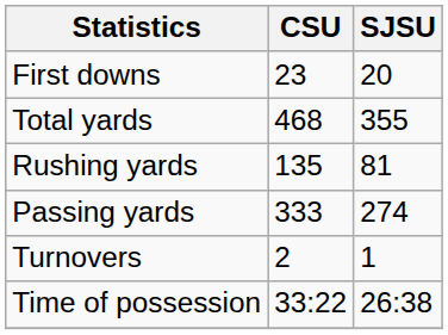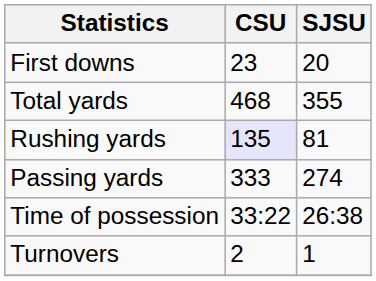 <table class="wikitable">
 <tr>
 <th>Statistics</th>
 <th>CSU</th>
 <th>SJSU</th>
 </tr>
 <tr>
 <td>First downs</td>
 <td>23</td>
 <td>20</td>
 </tr>
 <tr>
 <td>Total yards</td>
 <td>468</td>
 <td>355</td>
 </tr>
 <tr>
 <td>Rushing yards</td>
-<td>135</td>
+<td style="background: lavender;">135</td>
 <td>81</td>
 </tr>
 <tr>
 <td>Passing yards</td>
 <td>333</td>
 <td>274</td>
 </tr>
 <tr>
+<td>Time of possession</td>
+<td>33:22</td>
+<td>26:38</td>
+</tr>
+<tr>
 <td>Turnovers</td>
 <td>2</td>
 <td>1</td>
 </tr>
 <tr>
-<td>Time of possession</td>
-<td>33:22</td>
-<td>26:38</td>
-</tr>
-<tr>
 </tr>
 </table>
